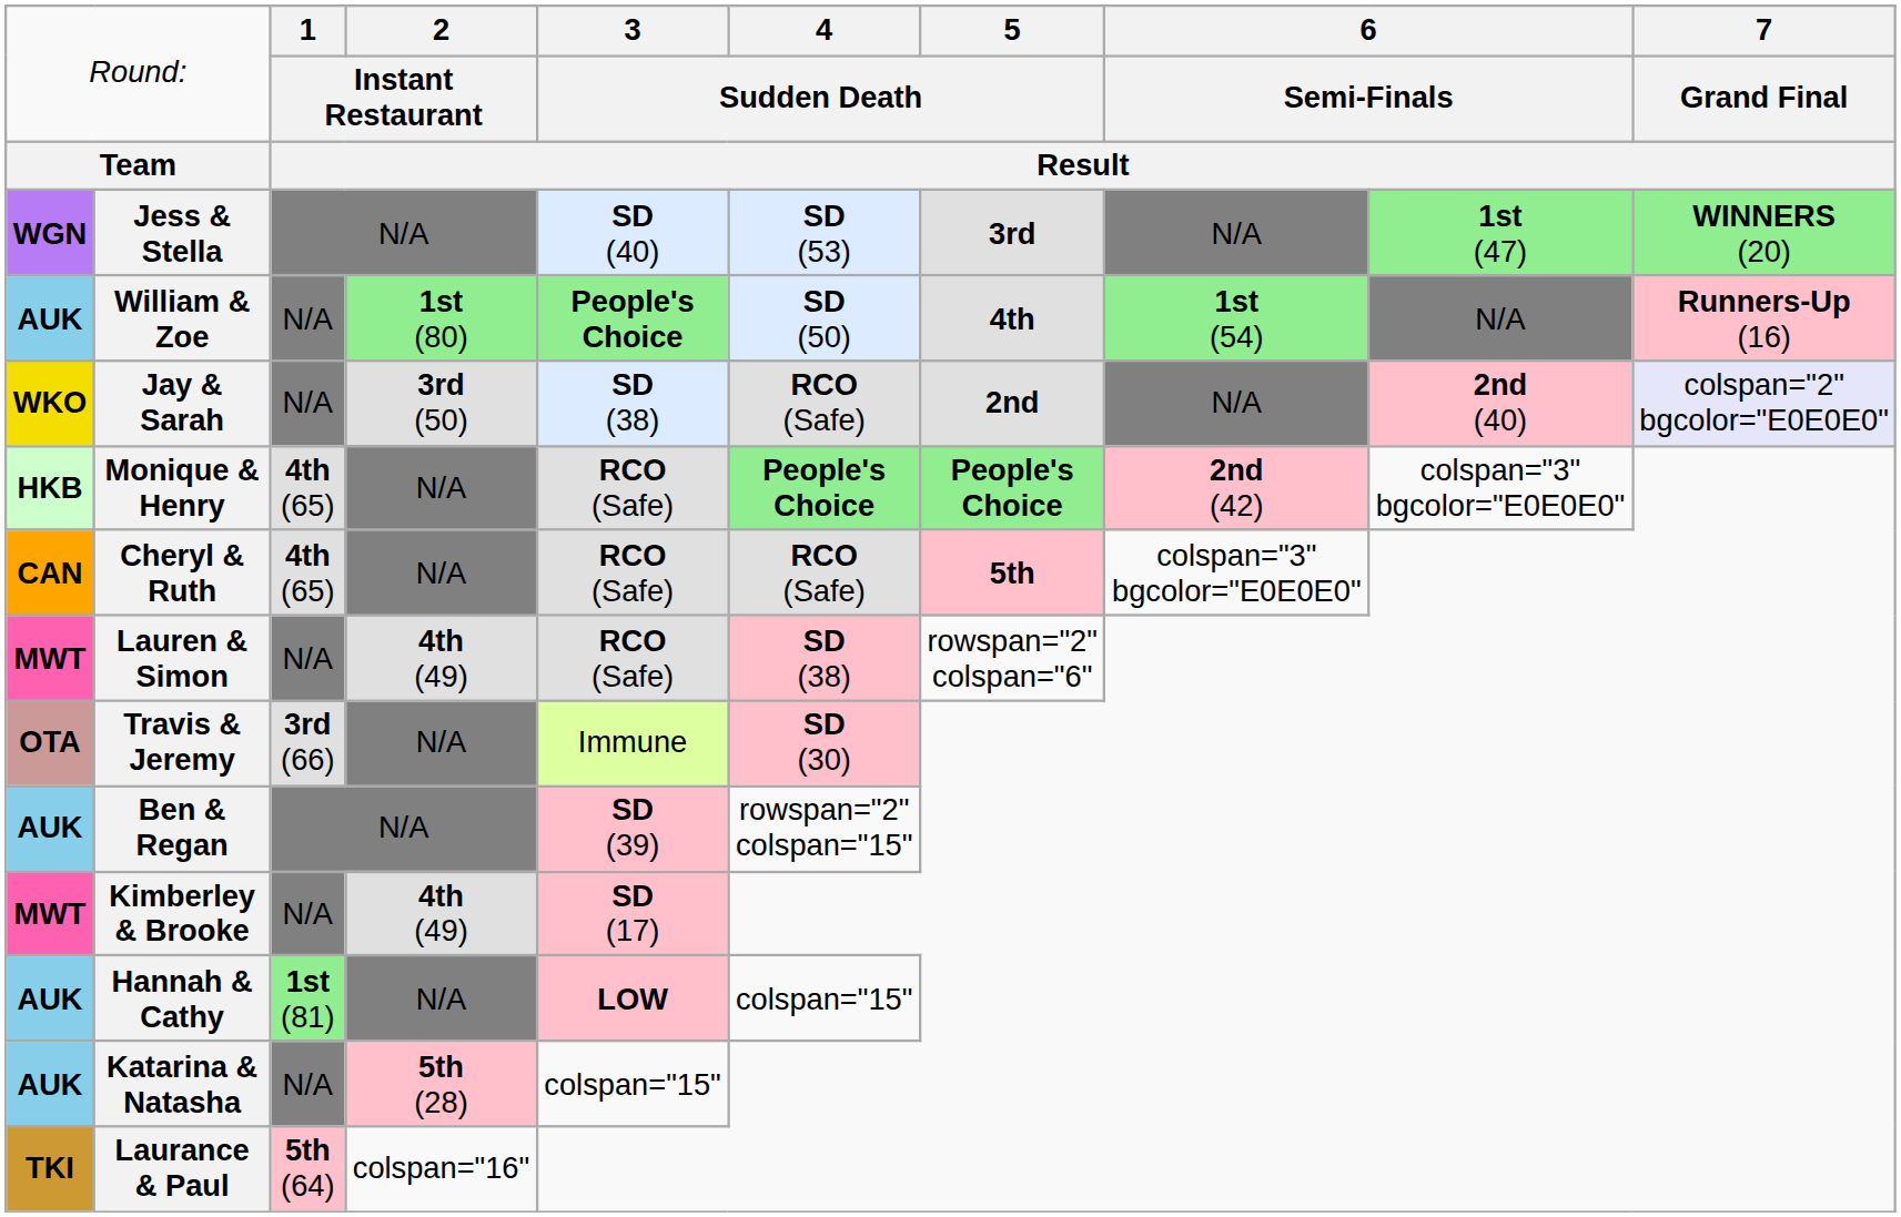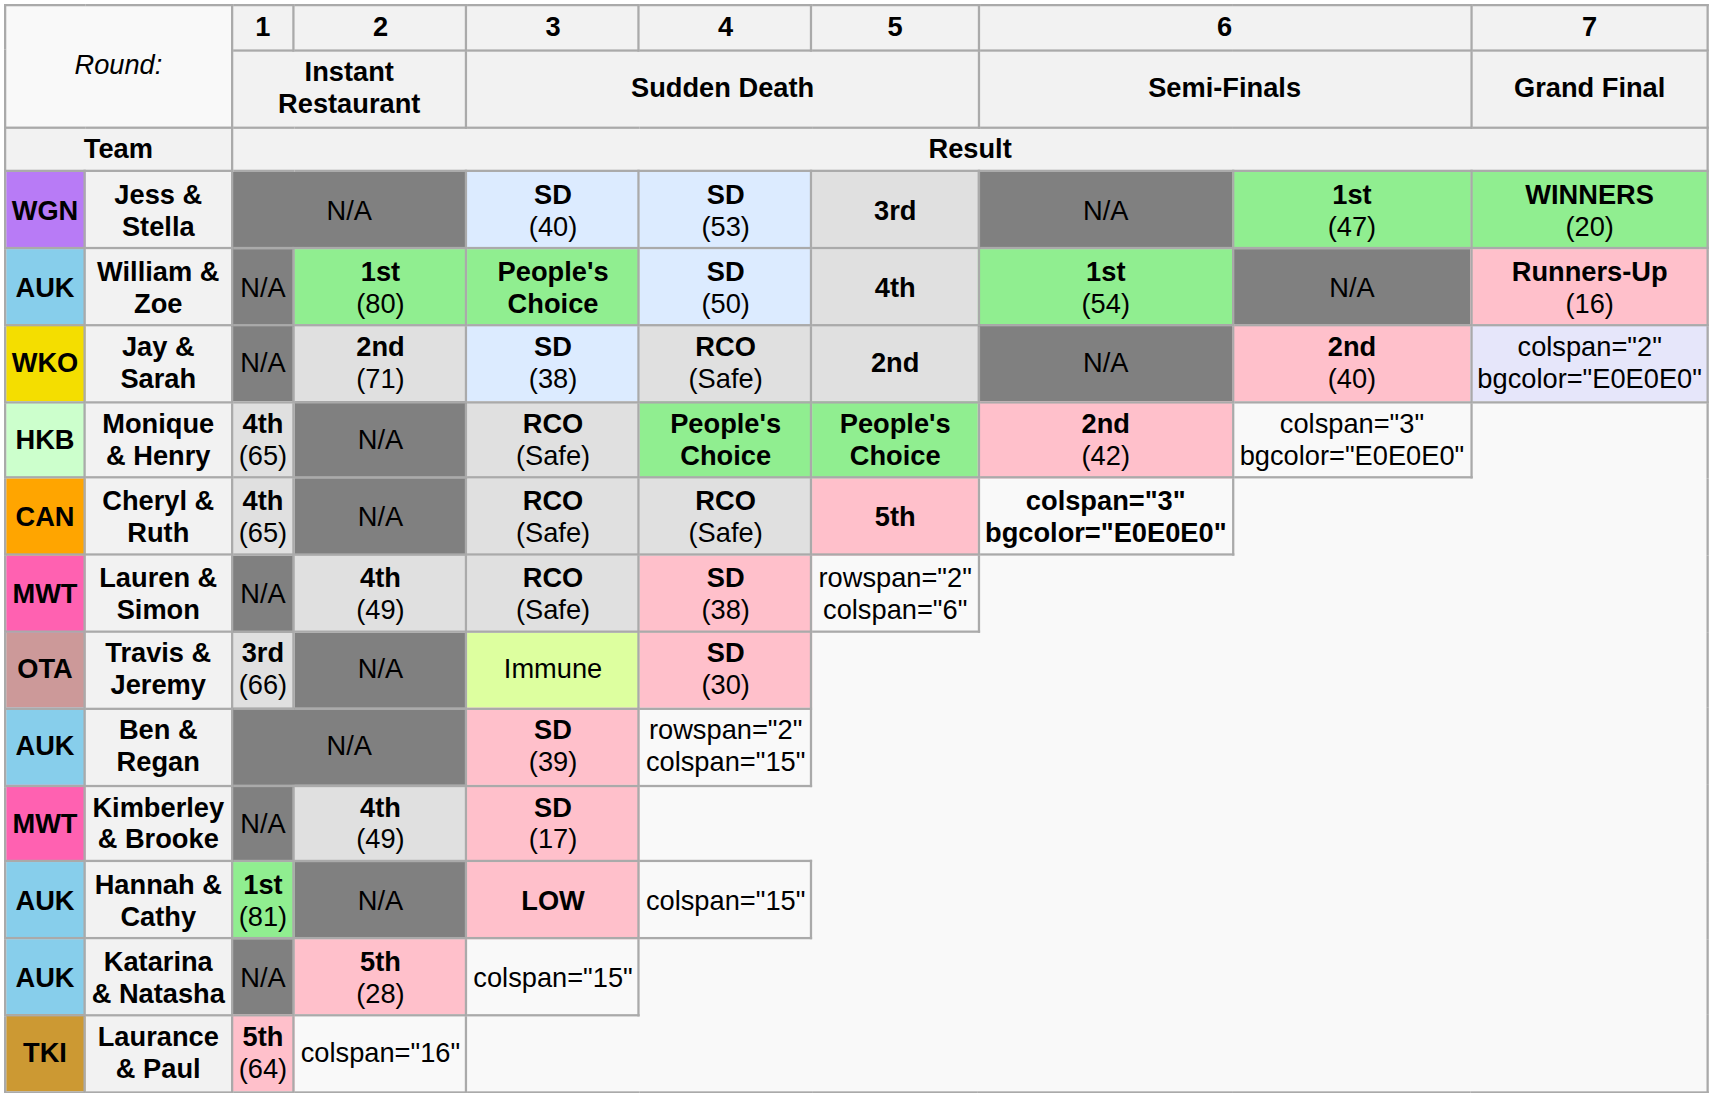 <table class="wikitable" style="text-align: center; font-size: 9pt; line-height:14px; width:85%">
 <tr>
 <td colspan="2" rowspan="2"><em>Round:</em></td>
 <th style="width:5%;">1</th>
 <th style="width:5%;">2</th>
 <th style="width:5%;">3</th>
 <th style="width:5%;">4</th>
 <th style="width:5%;">5</th>
 <th colspan="2" style="width:5%;">6</th>
 <th style="width:5%;">7</th>
 </tr>
 <tr>
 <th colspan="2">Instant Restaurant</th>
 <th colspan="3">Sudden Death</th>
 <th colspan="2" text-align="center">Semi-Finals</th>
 <th>Grand Final</th>
 </tr>
 <tr>
 <th style="width:15%;" colspan="2">Team</th>
 <th colspan="8">Result</th>
 </tr>
 <tr>
 <th scope="row" align="center" style="background:#B87BF6;"><strong>WGN</strong></th>
 <th>Jess & Stella</th>
 <td bgcolor="808080" colspan="2">N/A</td>
 <td bgcolor="DCEBFF"><strong>SD</strong><br>(40)</td>
 <td bgcolor="DCEBFF"><strong>SD</strong><br>(53)</td>
 <td bgcolor="E0E0E0"><strong>3rd</strong><br></td>
 <td bgcolor="808080">N/A</td>
 <td bgcolor="lightgreen"><strong>1st</strong><br>(47)</td>
 <td bgcolor="lightgreen"><strong>WINNERS</strong><br>(20)</td>
 </tr>
 <tr>
 <th scope="row" align="center" style="background-color:skyblue;"><strong>AUK</strong></th>
 <th>William & Zoe</th>
 <td bgcolor="808080">N/A</td>
 <td bgcolor="lightgreen"><strong>1st</strong><br>(80)</td>
 <td bgcolor="lightgreen"><strong>People's</strong><br><strong>Choice</strong></td>
 <td bgcolor="DCEBFF"><strong>SD</strong><br>(50)</td>
 <td bgcolor="E0E0E0"><strong>4th</strong><br></td>
 <td bgcolor="lightgreen"><strong>1st</strong><br>(54)</td>
 <td bgcolor="808080">N/A</td>
 <td bgcolor="pink"><strong>Runners-Up</strong><br>(16)</td>
 </tr>
 <tr>
 <th scope="row" align="center" style='background:#F4DE00;'><strong>WKO</strong></th>
 <th>Jay & Sarah</th>
 <td bgcolor="808080">N/A</td>
-<td bgcolor="E0E0E0"><strong>3rd</strong><br>(50)</td>
+<td bgcolor="E0E0E0"><strong>2nd</strong><br>(71)</td>
 <td bgcolor="DCEBFF"><strong>SD</strong><br>(38)</td>
 <td bgcolor="E0E0E0"><strong>RCO</strong><br>(Safe)</td>
 <td bgcolor="E0E0E0"><strong>2nd</strong><br></td>
 <td bgcolor="808080">N/A</td>
 <td bgcolor="pink"><strong>2nd</strong><br>(40)</td>
 <td style="background: lavender;">colspan="2" bgcolor="E0E0E0" </td>
 </tr>
 <tr>
 <th scope="row" align="center" style="background:#CCFFCC;"><strong>HKB</strong></th>
 <th>Monique & Henry</th>
 <td bgcolor="E0E0E0"><strong>4th</strong><br>(65)</td>
 <td bgcolor="808080">N/A</td>
 <td bgcolor="E0E0E0"><strong>RCO</strong><br>(Safe)</td>
 <td bgcolor="lightgreen"><strong>People's</strong><br><strong>Choice</strong></td>
 <td bgcolor="lightgreen"><strong>People's</strong><br><strong>Choice</strong></td>
 <td bgcolor="pink"><strong>2nd</strong><br>(42)</td>
 <td>colspan="3" bgcolor="E0E0E0" </td>
 </tr>
 <tr>
 <th scope="row" align="center" style="background:orange;"><strong>CAN</strong></th>
 <th>Cheryl & Ruth</th>
 <td bgcolor="E0E0E0"><strong>4th</strong><br>(65)</td>
 <td bgcolor="808080">N/A</td>
 <td bgcolor="E0E0E0"><strong>RCO</strong><br>(Safe)</td>
 <td bgcolor="E0E0E0"><strong>RCO</strong><br>(Safe)</td>
 <td bgcolor="pink"><strong>5th</strong><br></td>
-<td>colspan="3" bgcolor="E0E0E0" </td>
+<td><strong>colspan="3" bgcolor="E0E0E0" </strong></td>
 </tr>
 <tr>
 <th scope="row" align="center" style="background:#FF61B1;"><strong>MWT</strong></th>
 <th>Lauren & Simon</th>
 <td bgcolor="808080">N/A</td>
 <td bgcolor="E0E0E0"><strong>4th</strong><br>(49)</td>
 <td bgcolor="E0E0E0"><strong>RCO</strong><br>(Safe)</td>
 <td bgcolor="Pink"><strong>SD</strong><br>(38)</td>
 <td>rowspan="2" colspan="6"  </td>
 </tr>
 <tr>
 <th scope="row" align="center" style="background-color:#CC9999;"><strong>OTA</strong></th>
 <th>Travis & Jeremy</th>
 <td bgcolor="E0E0E0"><strong>3rd</strong><br>(66)</td>
 <td bgcolor="808080">N/A</td>
 <td bgcolor="DDFF9F">Immune</td>
 <td bgcolor="Pink"><strong>SD</strong><br>(30)</td>
 </tr>
 <tr>
 <th scope="row" align="center" style="background-color:skyblue;"><strong>AUK</strong></th>
 <th>Ben & Regan</th>
 <td bgcolor="808080" colspan="2">N/A</td>
 <td bgcolor="pink"><strong>SD</strong><br>(39)</td>
 <td>rowspan="2" colspan="15"  </td>
 </tr>
 <tr>
 <th scope="row" align="center" style="background:#FF61B1;"><strong>MWT</strong></th>
 <th>Kimberley & Brooke</th>
 <td bgcolor="808080">N/A</td>
 <td bgcolor="E0E0E0"><strong>4th</strong><br>(49)</td>
 <td bgcolor="pink"><strong>SD</strong><br>(17)</td>
 </tr>
 <tr>
 <th scope="row" align="center" style="background-color:skyblue;"><strong>AUK</strong></th>
 <th>Hannah & Cathy</th>
 <td bgcolor="lightgreen"><strong>1st</strong><br>(81)</td>
 <td bgcolor="808080">N/A</td>
 <td bgcolor="pink"><strong>LOW</strong></td>
 <td>colspan="15"  </td>
 </tr>
 <tr>
 <th scope="row" align="center" style="background-color:skyblue;"><strong>AUK</strong></th>
 <th>Katarina & Natasha</th>
 <td bgcolor="808080">N/A</td>
 <td bgcolor="pink"><strong>5th</strong><br>(28)</td>
 <td>colspan="15"  </td>
 </tr>
 <tr>
 <th scope="row" align="center" style="background:#CC9933;"><strong>TKI</strong></th>
 <th>Laurance & Paul</th>
 <td bgcolor="pink"><strong>5th</strong><br>(64)</td>
 <td>colspan="16"  </td>
 </tr>
 </table>
